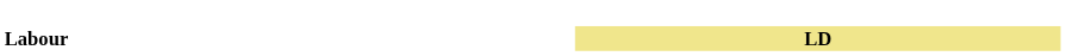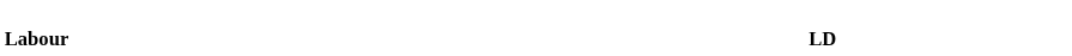 <table style="width:100%; text-align:center;">
 <tr style="color:white;">
 <td style="background:"><strong>93</strong></td>
 <td style="background:"><strong>3</strong></td>
 </tr>
 <tr>
 <td><span><strong>Labour</strong></span></td>
-<td style="background: khaki;"><span><strong>LD</strong></span></td>
+<td><span><strong>LD</strong></span></td>
 </tr>
 </table>
